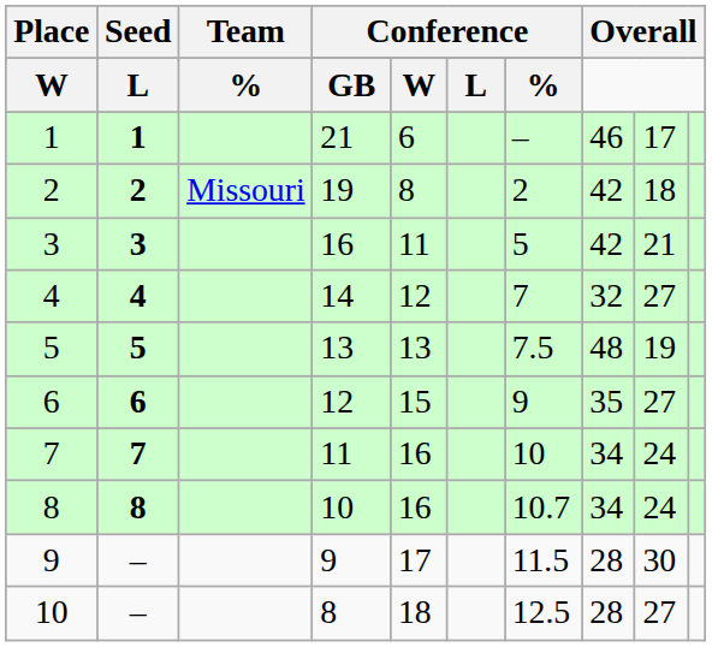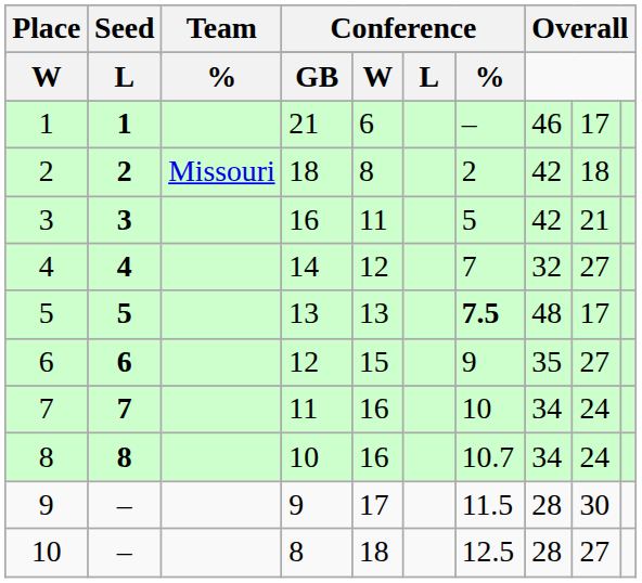 <table class="wikitable">
 <tr>
 <th rowspan ="2">Place</th>
 <th rowspan ="2">Seed</th>
 <th rowspan ="2">Team</th>
 <th colspan = "4">Conference</th>
 <th colspan = "3">Overall</th>
 </tr>
 <tr>
 </tr>
 <tr>
 <th scope="col" style="width: 20px;">W</th>
 <th scope="col" style="width: 20px;">L</th>
 <th scope="col" style="width: 30px;">%</th>
 <th scope="col" style="width: 30px;">GB</th>
 <th scope="col" style="width: 20px;">W</th>
 <th scope="col" style="width: 20px;">L</th>
 <th scope="col" style="width: 30px;">%</th>
 </tr>
 <tr bgcolor=#ccffcc>
 <td style="text-align:center;">1</td>
 <td style="text-align:center;"><strong>1</strong></td>
 <td></td>
 <td>21</td>
 <td>6</td>
 <td></td>
 <td>–</td>
 <td>46</td>
 <td>17</td>
 <td></td>
 </tr>
 <tr bgcolor=#ccffcc>
 <td style="text-align:center;">2</td>
 <td style="text-align:center;"><strong>2</strong></td>
 <td><a href='#'>Missouri</a></td>
-<td>19</td>
+<td>18</td>
 <td>8</td>
 <td></td>
 <td>2</td>
 <td>42</td>
 <td>18</td>
 <td></td>
 </tr>
 <tr bgcolor=#ccffcc>
 <td style="text-align:center;">3</td>
 <td style="text-align:center;"><strong>3</strong></td>
 <td></td>
 <td>16</td>
 <td>11</td>
 <td></td>
 <td>5</td>
 <td>42</td>
 <td>21</td>
 <td></td>
 </tr>
 <tr bgcolor=#ccffcc>
 <td style="text-align:center;">4</td>
 <td style="text-align:center;"><strong>4</strong></td>
 <td></td>
 <td>14</td>
 <td>12</td>
 <td></td>
 <td>7</td>
 <td>32</td>
 <td>27</td>
 <td></td>
 </tr>
 <tr bgcolor=#ccffcc>
 <td style="text-align:center;">5</td>
 <td style="text-align:center;"><strong>5</strong></td>
 <td></td>
 <td>13</td>
 <td>13</td>
 <td></td>
-<td>7.5</td>
+<td><strong>7.5</strong></td>
 <td>48</td>
-<td>19</td>
+<td>17</td>
 <td></td>
 </tr>
 <tr bgcolor=#ccffcc>
 <td style="text-align:center;">6</td>
 <td style="text-align:center;"><strong>6</strong></td>
 <td></td>
 <td>12</td>
 <td>15</td>
 <td></td>
 <td>9</td>
 <td>35</td>
 <td>27</td>
 <td></td>
 </tr>
 <tr bgcolor=#ccffcc>
 <td style="text-align:center;">7</td>
 <td style="text-align:center;"><strong>7</strong></td>
 <td></td>
 <td>11</td>
 <td>16</td>
 <td></td>
 <td>10</td>
 <td>34</td>
 <td>24</td>
 <td></td>
 </tr>
 <tr bgcolor=#ccffcc>
 <td style="text-align:center;">8</td>
 <td style="text-align:center;"><strong>8</strong></td>
 <td></td>
 <td>10</td>
 <td>16</td>
 <td></td>
 <td>10.7</td>
 <td>34</td>
 <td>24</td>
 <td></td>
 </tr>
 <tr>
 <td style="text-align:center;">9</td>
 <td style="text-align:center;">–</td>
 <td></td>
 <td>9</td>
 <td>17</td>
 <td></td>
 <td>11.5</td>
 <td>28</td>
 <td>30</td>
 <td></td>
 </tr>
 <tr>
 <td style="text-align:center;">10</td>
 <td style="text-align:center;">–</td>
 <td></td>
 <td>8</td>
 <td>18</td>
 <td></td>
 <td>12.5</td>
 <td>28</td>
 <td>27</td>
 <td></td>
 </tr>
 </table>
